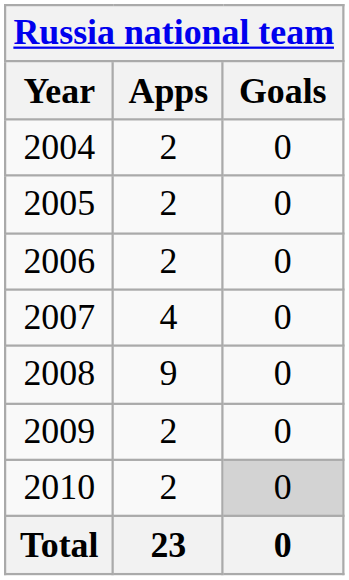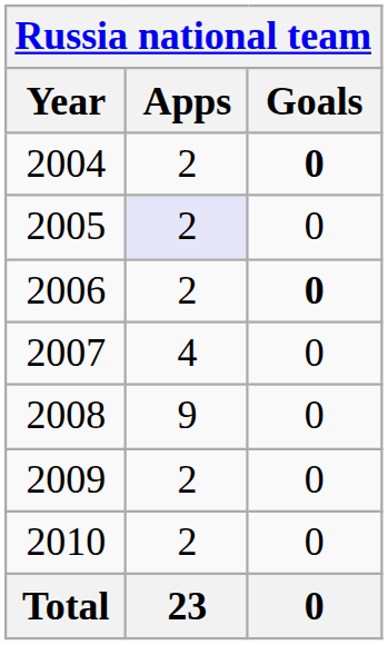 <table class="wikitable" style="text-align:center">
 <tr>
 <th colspan=3><a href='#'>Russia national team</a></th>
 </tr>
 <tr>
 <th>Year</th>
 <th>Apps</th>
 <th>Goals</th>
 </tr>
 <tr>
 <td>2004</td>
 <td>2</td>
-<td>0</td>
+<td><strong>0</strong></td>
 </tr>
 <tr>
 <td>2005</td>
-<td>2</td>
+<td style="background: lavender;">2</td>
 <td>0</td>
 </tr>
 <tr>
 <td>2006</td>
 <td>2</td>
-<td>0</td>
+<td><strong>0</strong></td>
 </tr>
 <tr>
 <td>2007</td>
 <td>4</td>
 <td>0</td>
 </tr>
 <tr>
 <td>2008</td>
 <td>9</td>
 <td>0</td>
 </tr>
 <tr>
 <td>2009</td>
 <td>2</td>
 <td>0</td>
 </tr>
 <tr>
 <td>2010</td>
 <td>2</td>
-<td style="background: lightgrey;">0</td>
+<td>0</td>
 </tr>
 <tr>
 <th>Total</th>
 <th>23</th>
 <th>0</th>
 </tr>
 </table>
